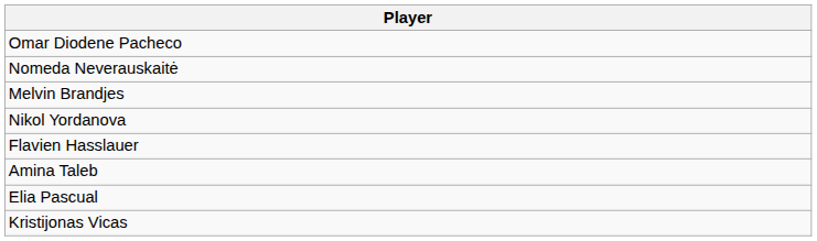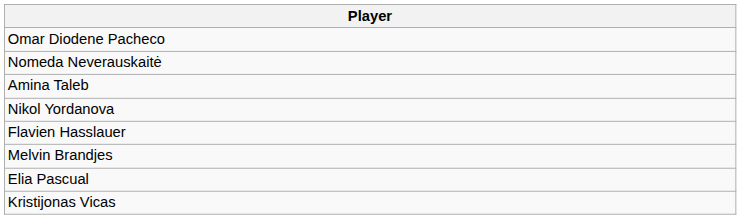 <table class="wikitable" style="border-collapse:collapse; width:90%">
 <tr>
 <th>Player</th>
 </tr>
 <tr>
 <td> Omar Diodene Pacheco</td>
 </tr>
 <tr>
 <td> Nomeda Neverauskaitė</td>
 </tr>
 <tr>
-<td> Melvin Brandjes</td>
+<td> Amina Taleb</td>
 </tr>
 <tr>
 <td> Nikol Yordanova</td>
 </tr>
 <tr>
 <td> Flavien Hasslauer</td>
 </tr>
 <tr>
-<td> Amina Taleb</td>
+<td> Melvin Brandjes</td>
 </tr>
 <tr>
 <td> Elia Pascual</td>
 </tr>
 <tr>
 <td> Kristijonas Vicas</td>
 </tr>
 </table>
